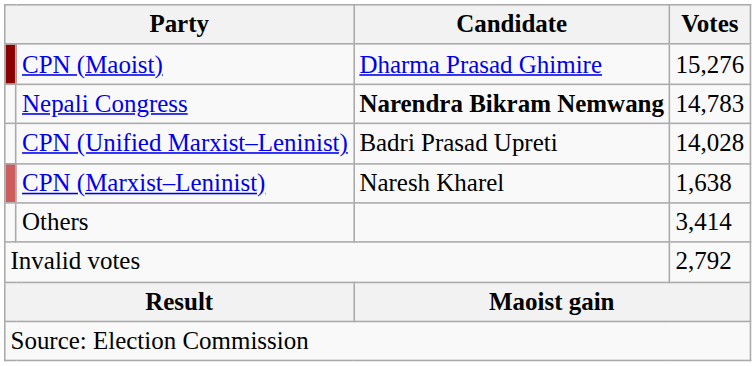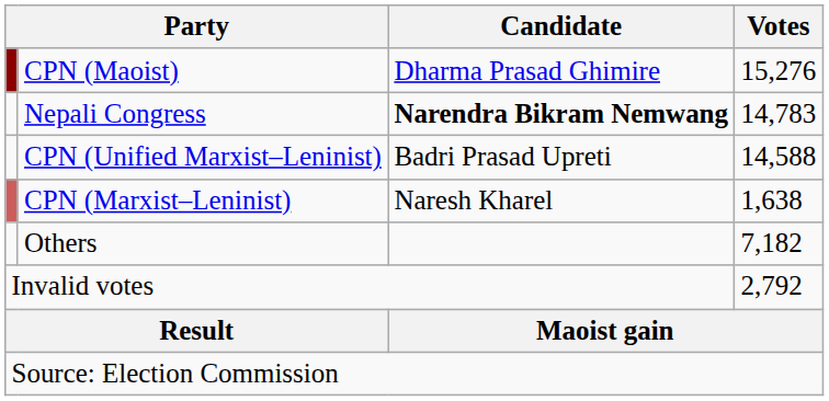 <table class="wikitable">
 <tr>
 <th colspan="2">Party</th>
 <th>Candidate</th>
 <th>Votes</th>
 </tr>
 <tr>
 <td style="background-color:darkred"></td>
 <td><a href='#'>CPN (Maoist)</a></td>
 <td><a href='#'>Dharma Prasad Ghimire</a></td>
 <td>15,276</td>
 </tr>
 <tr>
 <td style="background-color:"></td>
 <td><a href='#'>Nepali Congress</a></td>
 <td><strong>Narendra Bikram Nemwang</strong></td>
 <td>14,783</td>
 </tr>
 <tr>
 <td style="background-color:"></td>
 <td><a href='#'>CPN (Unified Marxist–Leninist)</a></td>
 <td>Badri Prasad Upreti</td>
-<td>14,028</td>
+<td>14,588</td>
 </tr>
 <tr>
 <td style="background-color:indianred"></td>
 <td><a href='#'>CPN (Marxist–Leninist)</a></td>
 <td>Naresh Kharel</td>
 <td>1,638</td>
 </tr>
 <tr>
 <td></td>
 <td>Others</td>
 <td></td>
-<td>3,414</td>
+<td>7,182</td>
 </tr>
 <tr>
 <td colspan="3">Invalid votes</td>
 <td>2,792</td>
 </tr>
 <tr>
 <th colspan="2">Result</th>
 <th colspan="2">Maoist gain</th>
 </tr>
 <tr>
 <td colspan="4">Source: Election Commission</td>
 </tr>
 </table>
